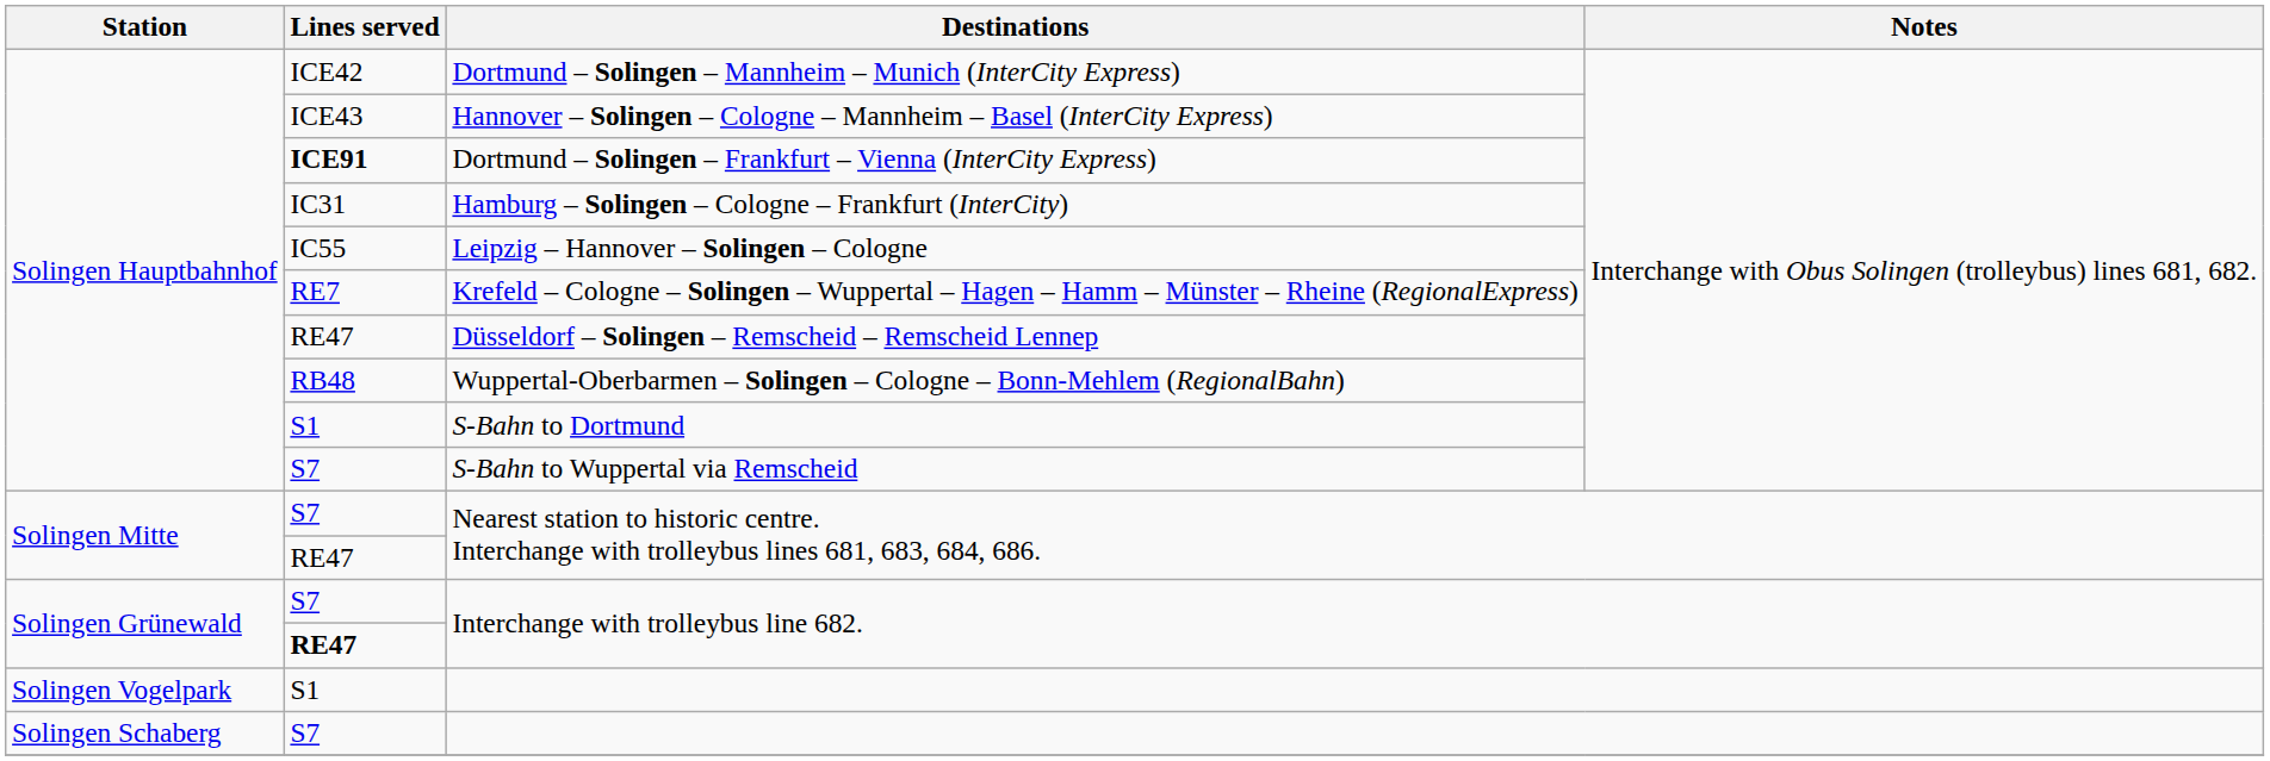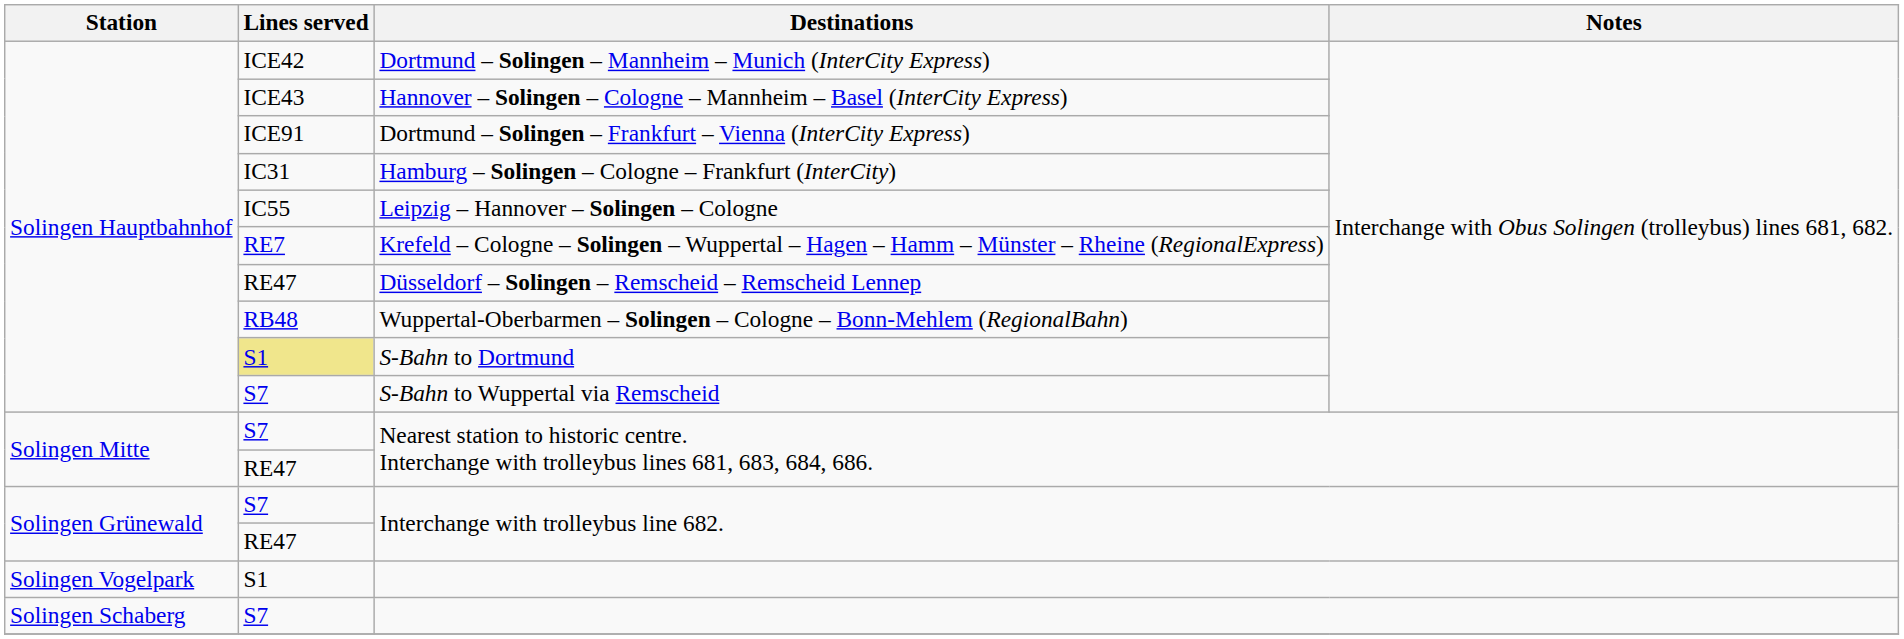 <table class=wikitable>
 <tr>
 <th>Station</th>
 <th>Lines served</th>
 <th>Destinations</th>
 <th>Notes</th>
 </tr>
 <tr>
 <td rowspan=10><a href='#'>Solingen Hauptbahnhof</a></td>
 <td> ICE42</td>
 <td><a href='#'>Dortmund</a> – <strong>Solingen</strong> – <a href='#'>Mannheim</a> – <a href='#'>Munich</a> (<em>InterCity Express</em>)</td>
 <td rowspan=10>Interchange with <em>Obus Solingen</em> (trolleybus) lines 681, 682.</td>
 </tr>
 <tr>
 <td> ICE43</td>
 <td><a href='#'>Hannover</a> – <strong>Solingen</strong> – <a href='#'>Cologne</a> – Mannheim – <a href='#'>Basel</a> (<em>InterCity Express</em>)</td>
 </tr>
 <tr>
-<td><strong> ICE91</strong></td>
+<td> ICE91</td>
 <td>Dortmund – <strong>Solingen</strong> – <a href='#'>Frankfurt</a> – <a href='#'>Vienna</a> (<em>InterCity Express</em>)</td>
 </tr>
 <tr>
 <td> IC31</td>
 <td><a href='#'>Hamburg</a> – <strong>Solingen</strong> – Cologne – Frankfurt (<em>InterCity</em>)</td>
 </tr>
 <tr>
 <td> IC55</td>
 <td><a href='#'>Leipzig</a> – Hannover – <strong>Solingen</strong> – Cologne</td>
 </tr>
 <tr>
 <td> <a href='#'>RE7</a></td>
 <td><a href='#'>Krefeld</a> – Cologne – <strong>Solingen</strong> – Wuppertal – <a href='#'>Hagen</a> – <a href='#'>Hamm</a> – <a href='#'>Münster</a> – <a href='#'>Rheine</a> (<em>RegionalExpress</em>)</td>
 </tr>
 <tr>
 <td> RE47</td>
 <td><a href='#'>Düsseldorf</a> – <strong>Solingen</strong> – <a href='#'>Remscheid</a> – <a href='#'>Remscheid Lennep</a></td>
 </tr>
 <tr>
 <td> <a href='#'>RB48</a></td>
 <td>Wuppertal-Oberbarmen – <strong>Solingen</strong> – Cologne – <a href='#'>Bonn-Mehlem</a> (<em>RegionalBahn</em>)</td>
 </tr>
 <tr>
-<td> <a href='#'>S1</a></td>
+<td style="background: khaki;"> <a href='#'>S1</a></td>
 <td><em>S-Bahn</em> to <a href='#'>Dortmund</a></td>
 </tr>
 <tr>
 <td> <a href='#'>S7</a></td>
 <td><em>S-Bahn</em> to Wuppertal via <a href='#'>Remscheid</a></td>
 </tr>
 <tr>
 <td rowspan="2"><a href='#'>Solingen Mitte</a></td>
 <td> <a href='#'>S7</a></td>
 <td colspan="2" rowspan="2">Nearest station to historic centre.<br>Interchange with trolleybus lines 681, 683, 684, 686.</td>
 </tr>
 <tr>
 <td> RE47</td>
 </tr>
 <tr>
 <td rowspan="2"><a href='#'>Solingen Grünewald</a></td>
 <td> <a href='#'>S7</a></td>
 <td colspan="2" rowspan="2">Interchange with trolleybus line 682.</td>
 </tr>
 <tr>
-<td><strong> RE47</strong></td>
+<td> RE47</td>
 </tr>
 <tr>
 <td><a href='#'>Solingen Vogelpark</a></td>
 <td> S1</td>
 <td colspan=2></td>
 </tr>
 <tr>
 <td><a href='#'>Solingen Schaberg</a></td>
 <td> <a href='#'>S7</a></td>
 <td colspan=2></td>
 </tr>
 <tr>
 </tr>
 </table>
